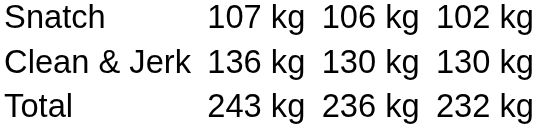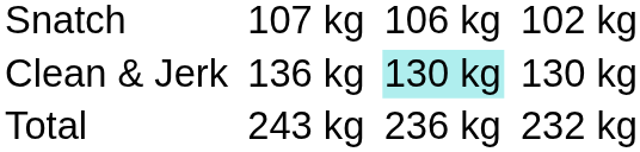 <table>
 <tr>
 <td>Snatch</td>
 <td></td>
 <td>107 kg</td>
 <td></td>
 <td>106 kg</td>
 <td></td>
 <td>102 kg</td>
 </tr>
 <tr>
 <td>Clean & Jerk</td>
 <td></td>
 <td>136 kg</td>
 <td></td>
-<td>130 kg</td>
+<td style="background: paleturquoise;">130 kg</td>
 <td></td>
 <td>130 kg</td>
 </tr>
 <tr>
 <td>Total</td>
 <td></td>
 <td>243 kg</td>
 <td></td>
 <td>236 kg</td>
 <td></td>
 <td>232 kg</td>
 </tr>
 </table>
